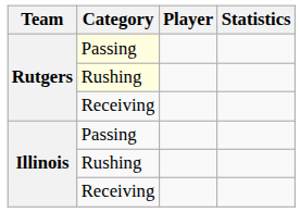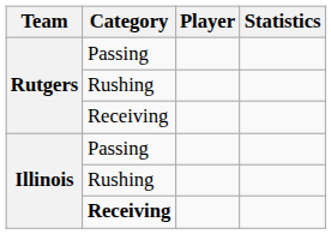 <table class="wikitable" style="float:right">
 <tr>
 <th>Team</th>
 <th>Category</th>
 <th>Player</th>
 <th>Statistics</th>
 </tr>
 <tr>
 <th rowspan=3>Rutgers</th>
-<td style="background: lightyellow;">Passing</td>
+<td>Passing</td>
 <td></td>
 <td></td>
 </tr>
 <tr>
-<td style="background: lightyellow;">Rushing</td>
+<td>Rushing</td>
 <td></td>
 <td></td>
 </tr>
 <tr>
 <td>Receiving</td>
 <td></td>
 <td></td>
 </tr>
 <tr>
 <th rowspan=3>Illinois</th>
 <td>Passing</td>
 <td></td>
 <td></td>
 </tr>
 <tr>
 <td>Rushing</td>
 <td></td>
 <td></td>
 </tr>
 <tr>
-<td>Receiving</td>
+<td><strong>Receiving</strong></td>
 <td></td>
 <td></td>
 </tr>
 </table>
